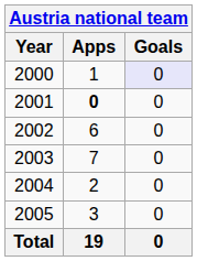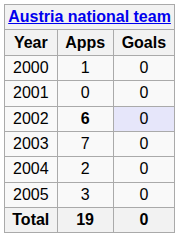 <table class="wikitable" style="text-align:center">
 <tr>
 <th colspan=3><a href='#'>Austria national team</a></th>
 </tr>
 <tr>
 <th>Year</th>
 <th>Apps</th>
 <th>Goals</th>
 </tr>
 <tr>
 </tr>
 <tr>
 <td>2000</td>
 <td>1</td>
-<td style="background: lavender;">0</td>
+<td>0</td>
 </tr>
 <tr>
 <td>2001</td>
-<td><strong>0</strong></td>
+<td>0</td>
 <td>0</td>
 </tr>
 <tr>
 <td>2002</td>
-<td>6</td>
-<td>0</td>
+<td><strong>6</strong></td>
+<td style="background: lavender;">0</td>
 </tr>
 <tr>
 <td>2003</td>
 <td>7</td>
 <td>0</td>
 </tr>
 <tr>
 <td>2004</td>
 <td>2</td>
 <td>0</td>
 </tr>
 <tr>
 <td>2005</td>
 <td>3</td>
 <td>0</td>
 </tr>
 <tr>
 <th>Total</th>
 <th>19</th>
 <th>0</th>
 </tr>
 </table>
